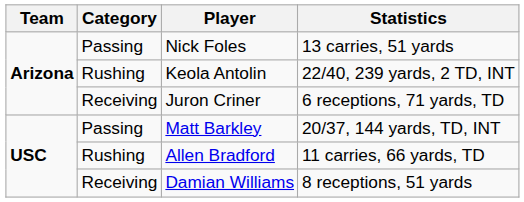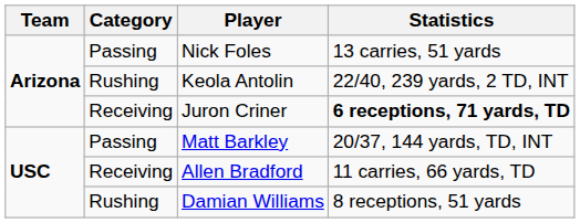 <table class="wikitable" style="float: right;">
 <tr>
 <th>Team</th>
 <th>Category</th>
 <th>Player</th>
 <th>Statistics</th>
 </tr>
 <tr>
 <td rowspan=3><strong>Arizona</strong></td>
 <td>Passing</td>
 <td>Nick Foles</td>
 <td>13 carries, 51 yards</td>
 </tr>
 <tr>
 <td>Rushing</td>
 <td>Keola Antolin</td>
 <td>22/40, 239 yards, 2 TD, INT</td>
 </tr>
 <tr>
 <td>Receiving</td>
 <td>Juron Criner</td>
-<td>6 receptions, 71 yards, TD</td>
+<td><strong>6 receptions, 71 yards, TD</strong></td>
 </tr>
 <tr>
 <td rowspan=3><strong>USC</strong></td>
 <td>Passing</td>
 <td><a href='#'>Matt Barkley</a></td>
 <td>20/37, 144 yards, TD, INT</td>
 </tr>
 <tr>
-<td>Rushing</td>
+<td>Receiving</td>
 <td><a href='#'>Allen Bradford</a></td>
 <td>11 carries, 66 yards, TD</td>
 </tr>
 <tr>
-<td>Receiving</td>
+<td>Rushing</td>
 <td><a href='#'>Damian Williams</a></td>
 <td>8 receptions, 51 yards</td>
 </tr>
 </table>
